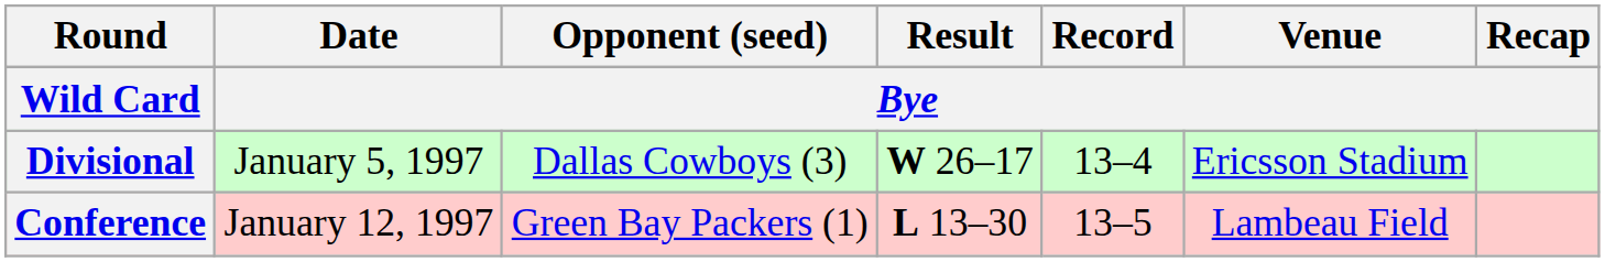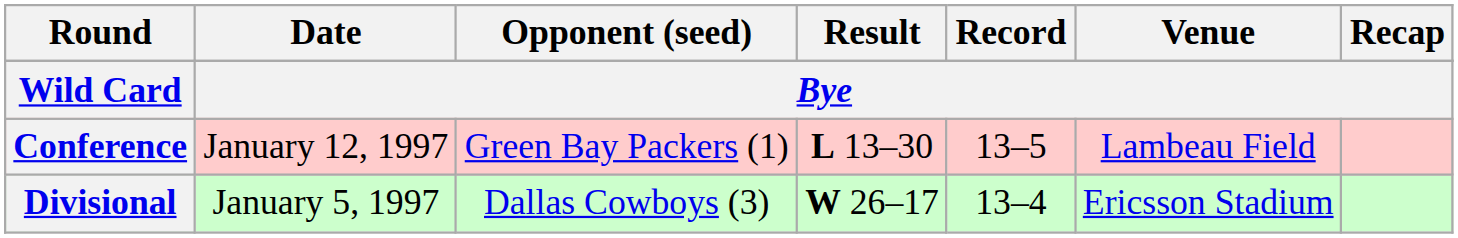 <table class="wikitable" style="text-align:center">
 <tr>
 <th>Round</th>
 <th>Date</th>
 <th>Opponent (seed)</th>
 <th>Result</th>
 <th>Record</th>
 <th>Venue</th>
 <th>Recap</th>
 </tr>
 <tr>
 </tr>
 <tr align="center">
 <th><a href='#'>Wild Card</a></th>
 <th colspan="6"><em><a href='#'>Bye</a></em></th>
 </tr>
+<tr align="center" bgcolor="#fcc">
+<th><a href='#'>Conference</a></th>
+<td>January 12, 1997</td>
+<td><a href='#'>Green Bay Packers</a> (1)</td>
+<td><strong>L</strong> 13–30</td>
+<td>13–5</td>
+<td><a href='#'>Lambeau Field</a></td>
+<td></td>
+</tr>
 <tr align="center" bgcolor="#cfc">
 <th><a href='#'>Divisional</a></th>
 <td>January 5, 1997</td>
 <td><a href='#'>Dallas Cowboys</a> (3)</td>
 <td><strong>W</strong> 26–17</td>
 <td>13–4</td>
 <td><a href='#'>Ericsson Stadium</a></td>
 <td></td>
 </tr>
-<tr align="center" bgcolor="#fcc">
-<th><a href='#'>Conference</a></th>
-<td>January 12, 1997</td>
-<td><a href='#'>Green Bay Packers</a> (1)</td>
-<td><strong>L</strong> 13–30</td>
-<td>13–5</td>
-<td><a href='#'>Lambeau Field</a></td>
-<td></td>
-</tr>
 </table>
